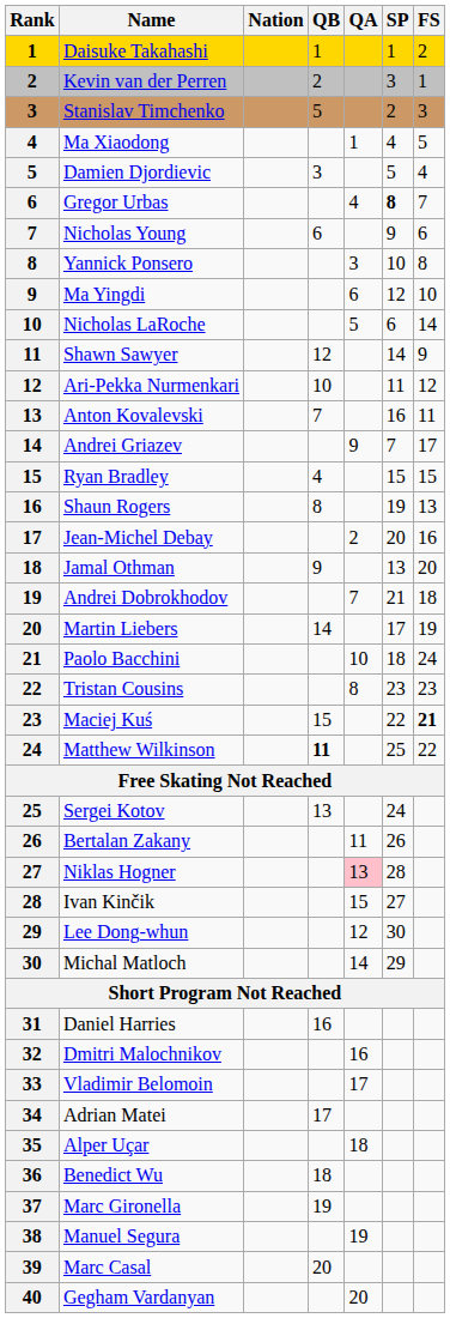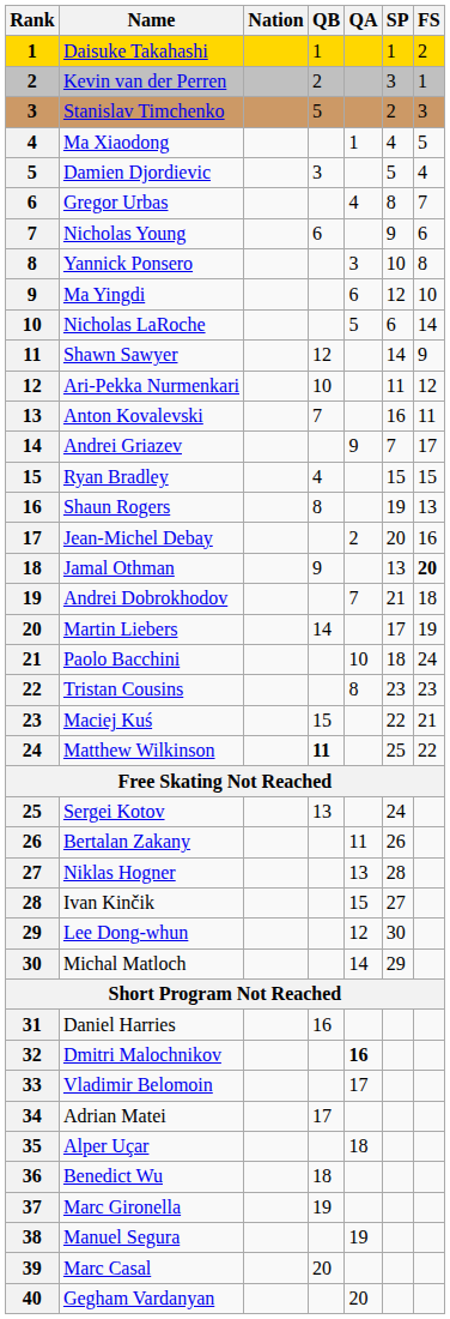 <table class="wikitable">
 <tr>
 <th>Rank</th>
 <th>Name</th>
 <th>Nation</th>
 <th>QB</th>
 <th>QA</th>
 <th>SP</th>
 <th>FS</th>
 </tr>
 <tr bgcolor=gold>
 <td align=center><strong>1</strong></td>
 <td><a href='#'>Daisuke Takahashi</a></td>
 <td></td>
 <td>1</td>
 <td></td>
 <td>1</td>
 <td>2</td>
 </tr>
 <tr bgcolor=silver>
 <td align=center><strong>2</strong></td>
 <td><a href='#'>Kevin van der Perren</a></td>
 <td></td>
 <td>2</td>
 <td></td>
 <td>3</td>
 <td>1</td>
 </tr>
 <tr bgcolor=cc9966>
 <td align=center><strong>3</strong></td>
 <td><a href='#'>Stanislav Timchenko</a></td>
 <td></td>
 <td>5</td>
 <td></td>
 <td>2</td>
 <td>3</td>
 </tr>
 <tr>
 <th>4</th>
 <td><a href='#'>Ma Xiaodong</a></td>
 <td></td>
 <td></td>
 <td>1</td>
 <td>4</td>
 <td>5</td>
 </tr>
 <tr>
 <th>5</th>
 <td><a href='#'>Damien Djordievic</a></td>
 <td></td>
 <td>3</td>
 <td></td>
 <td>5</td>
 <td>4</td>
 </tr>
 <tr>
 <th>6</th>
 <td><a href='#'>Gregor Urbas</a></td>
 <td></td>
 <td></td>
 <td>4</td>
-<td><strong>8</strong></td>
+<td>8</td>
 <td>7</td>
 </tr>
 <tr>
 <th>7</th>
 <td><a href='#'>Nicholas Young</a></td>
 <td></td>
 <td>6</td>
 <td></td>
 <td>9</td>
 <td>6</td>
 </tr>
 <tr>
 <th>8</th>
 <td><a href='#'>Yannick Ponsero</a></td>
 <td></td>
 <td></td>
 <td>3</td>
 <td>10</td>
 <td>8</td>
 </tr>
 <tr>
 <th>9</th>
 <td><a href='#'>Ma Yingdi</a></td>
 <td></td>
 <td></td>
 <td>6</td>
 <td>12</td>
 <td>10</td>
 </tr>
 <tr>
 <th>10</th>
 <td><a href='#'>Nicholas LaRoche</a></td>
 <td></td>
 <td></td>
 <td>5</td>
 <td>6</td>
 <td>14</td>
 </tr>
 <tr>
 <th>11</th>
 <td><a href='#'>Shawn Sawyer</a></td>
 <td></td>
 <td>12</td>
 <td></td>
 <td>14</td>
 <td>9</td>
 </tr>
 <tr>
 <th>12</th>
 <td><a href='#'>Ari-Pekka Nurmenkari</a></td>
 <td></td>
 <td>10</td>
 <td></td>
 <td>11</td>
 <td>12</td>
 </tr>
 <tr>
 <th>13</th>
 <td><a href='#'>Anton Kovalevski</a></td>
 <td></td>
 <td>7</td>
 <td></td>
 <td>16</td>
 <td>11</td>
 </tr>
 <tr>
 <th>14</th>
 <td><a href='#'>Andrei Griazev</a></td>
 <td></td>
 <td></td>
 <td>9</td>
 <td>7</td>
 <td>17</td>
 </tr>
 <tr>
 <th>15</th>
 <td><a href='#'>Ryan Bradley</a></td>
 <td></td>
 <td>4</td>
 <td></td>
 <td>15</td>
 <td>15</td>
 </tr>
 <tr>
 <th>16</th>
 <td><a href='#'>Shaun Rogers</a></td>
 <td></td>
 <td>8</td>
 <td></td>
 <td>19</td>
 <td>13</td>
 </tr>
 <tr>
 <th>17</th>
 <td><a href='#'>Jean-Michel Debay</a></td>
 <td></td>
 <td></td>
 <td>2</td>
 <td>20</td>
 <td>16</td>
 </tr>
 <tr>
 <th>18</th>
 <td><a href='#'>Jamal Othman</a></td>
 <td></td>
 <td>9</td>
 <td></td>
 <td>13</td>
-<td>20</td>
+<td><strong>20</strong></td>
 </tr>
 <tr>
 <th>19</th>
 <td><a href='#'>Andrei Dobrokhodov</a></td>
 <td></td>
 <td></td>
 <td>7</td>
 <td>21</td>
 <td>18</td>
 </tr>
 <tr>
 <th>20</th>
 <td><a href='#'>Martin Liebers</a></td>
 <td></td>
 <td>14</td>
 <td></td>
 <td>17</td>
 <td>19</td>
 </tr>
 <tr>
 <th>21</th>
 <td><a href='#'>Paolo Bacchini</a></td>
 <td></td>
 <td></td>
 <td>10</td>
 <td>18</td>
 <td>24</td>
 </tr>
 <tr>
 <th>22</th>
 <td><a href='#'>Tristan Cousins</a></td>
 <td></td>
 <td></td>
 <td>8</td>
 <td>23</td>
 <td>23</td>
 </tr>
 <tr>
 <th>23</th>
 <td><a href='#'>Maciej Kuś</a></td>
 <td></td>
 <td>15</td>
 <td></td>
 <td>22</td>
-<td><strong>21</strong></td>
+<td>21</td>
 </tr>
 <tr>
 <th>24</th>
 <td><a href='#'>Matthew Wilkinson</a></td>
 <td></td>
 <td><strong>11</strong></td>
 <td></td>
 <td>25</td>
 <td>22</td>
 </tr>
 <tr>
 <th colspan=7>Free Skating Not Reached</th>
 </tr>
 <tr>
 <th>25</th>
 <td><a href='#'>Sergei Kotov</a></td>
 <td></td>
 <td>13</td>
 <td></td>
 <td>24</td>
 <td></td>
 </tr>
 <tr>
 <th>26</th>
 <td><a href='#'>Bertalan Zakany</a></td>
 <td></td>
 <td></td>
 <td>11</td>
 <td>26</td>
 <td></td>
 </tr>
 <tr>
 <th>27</th>
 <td><a href='#'>Niklas Hogner</a></td>
 <td></td>
 <td></td>
-<td style="background: pink;">13</td>
+<td>13</td>
 <td>28</td>
 <td></td>
 </tr>
 <tr>
 <th>28</th>
 <td>Ivan Kinčik</td>
 <td></td>
 <td></td>
 <td>15</td>
 <td>27</td>
 <td></td>
 </tr>
 <tr>
 <th>29</th>
 <td><a href='#'>Lee Dong-whun</a></td>
 <td></td>
 <td></td>
 <td>12</td>
 <td>30</td>
 <td></td>
 </tr>
 <tr>
 <th>30</th>
 <td>Michal Matloch</td>
 <td></td>
 <td></td>
 <td>14</td>
 <td>29</td>
 <td></td>
 </tr>
 <tr>
 <th colspan=7>Short Program Not Reached</th>
 </tr>
 <tr>
 <th>31</th>
 <td>Daniel Harries</td>
 <td></td>
 <td>16</td>
 <td></td>
 <td></td>
 <td></td>
 </tr>
 <tr>
 <th>32</th>
 <td><a href='#'>Dmitri Malochnikov</a></td>
 <td></td>
 <td></td>
-<td>16</td>
+<td><strong>16</strong></td>
 <td></td>
 <td></td>
 </tr>
 <tr>
 <th>33</th>
 <td><a href='#'>Vladimir Belomoin</a></td>
 <td></td>
 <td></td>
 <td>17</td>
 <td></td>
 <td></td>
 </tr>
 <tr>
 <th>34</th>
 <td>Adrian Matei</td>
 <td></td>
 <td>17</td>
 <td></td>
 <td></td>
 <td></td>
 </tr>
 <tr>
 <th>35</th>
 <td><a href='#'>Alper Uçar</a></td>
 <td></td>
 <td></td>
 <td>18</td>
 <td></td>
 <td></td>
 </tr>
 <tr>
 <th>36</th>
 <td><a href='#'>Benedict Wu</a></td>
 <td></td>
 <td>18</td>
 <td></td>
 <td></td>
 <td></td>
 </tr>
 <tr>
 <th>37</th>
 <td><a href='#'>Marc Gironella</a></td>
 <td></td>
 <td>19</td>
 <td></td>
 <td></td>
 <td></td>
 </tr>
 <tr>
 <th>38</th>
 <td><a href='#'>Manuel Segura</a></td>
 <td></td>
 <td></td>
 <td>19</td>
 <td></td>
 <td></td>
 </tr>
 <tr>
 <th>39</th>
 <td><a href='#'>Marc Casal</a></td>
 <td></td>
 <td>20</td>
 <td></td>
 <td></td>
 <td></td>
 </tr>
 <tr>
 <th>40</th>
 <td><a href='#'>Gegham Vardanyan</a></td>
 <td></td>
 <td></td>
 <td>20</td>
 <td></td>
 <td></td>
 </tr>
 </table>
